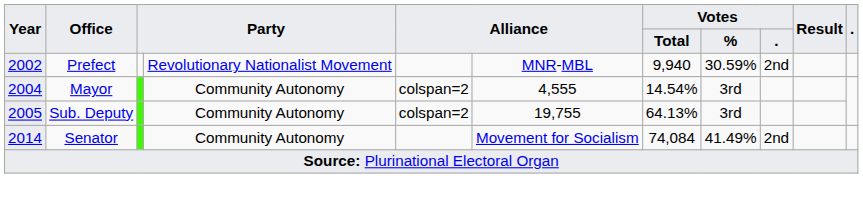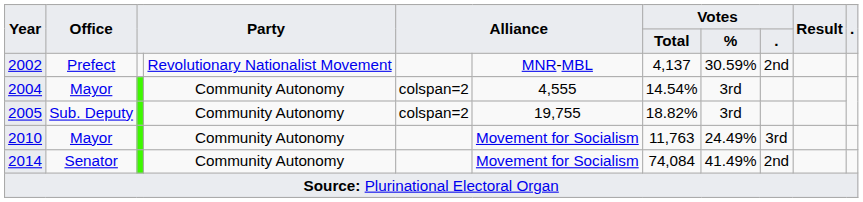 <table class="wikitable" style="font-size:90%; text-align:center;">
 <tr>
 <th style="background-color:#EAECF0;" rowspan=2>Year</th>
 <th style="background-color:#EAECF0;" rowspan=2>Office</th>
 <th style="background-color:#EAECF0;" colspan=2 rowspan=2>Party</th>
 <th style="background-color:#EAECF0;" colspan=2 rowspan=2>Alliance</th>
 <th style="background-color:#EAECF0;" colspan=3>Votes</th>
 <th style="background-color:#EAECF0;" rowspan=2>Result</th>
 <th style="background-color:#EAECF0;" rowspan=2>.</th>
 </tr>
 <tr>
 <th style="background-color:#EAECF0;">Total</th>
 <th style="background-color:#EAECF0;">%</th>
 <th style="background-color:#EAECF0;">.</th>
 </tr>
 <tr>
 <td style="background-color:#EAECF0;"><a href='#'>2002</a></td>
 <td><a href='#'>Prefect</a></td>
 <td style="background-color:"></td>
 <td><a href='#'>Revolutionary Nationalist Movement</a></td>
 <td style="background-color:"></td>
 <td><a href='#'>MNR</a>-<a href='#'>MBL</a></td>
-<td>9,940</td>
+<td>4,137</td>
 <td>30.59%</td>
 <td>2nd</td>
 <td></td>
 <td></td>
 </tr>
 <tr>
 <td style="background-color:#EAECF0;"><a href='#'>2004</a></td>
 <td><a href='#'>Mayor</a></td>
 <td style="background-color:#3EF800;"></td>
 <td>Community Autonomy</td>
 <td>colspan=2 </td>
 <td>4,555</td>
 <td>14.54%</td>
 <td>3rd</td>
 <td></td>
 <td></td>
 </tr>
 <tr>
 <td style="background-color:#EAECF0;"><a href='#'>2005</a></td>
 <td><a href='#'>Sub. Deputy</a></td>
 <td style="background-color:#3EF800;"></td>
 <td>Community Autonomy</td>
 <td>colspan=2 </td>
 <td>19,755</td>
-<td>64.13%</td>
+<td>18.82%</td>
+<td>3rd</td>
+<td></td>
+<td></td>
+</tr>
+<tr>
+<td style="background-color:#EAECF0;"><a href='#'>2010</a></td>
+<td><a href='#'>Mayor</a></td>
+<td style="background-color:#3EF800;"></td>
+<td>Community Autonomy</td>
+<td style="background-color:"></td>
+<td><a href='#'>Movement for Socialism</a></td>
+<td>11,763</td>
+<td>24.49%</td>
 <td>3rd</td>
 <td></td>
 <td></td>
 </tr>
 <tr>
 <td style="background-color:#EAECF0;"><a href='#'>2014</a></td>
 <td><a href='#'>Senator</a></td>
 <td style="background-color:#3EF800;"></td>
 <td>Community Autonomy</td>
 <td style="background-color:"></td>
 <td><a href='#'>Movement for Socialism</a></td>
 <td>74,084</td>
 <td>41.49%</td>
 <td>2nd</td>
 <td></td>
 <td></td>
 </tr>
 <tr>
 <td style="background-color:#EAECF0;" colspan=11><strong>Source:</strong> <a href='#'>Plurinational Electoral Organ</a>  </td>
 </tr>
 </table>
